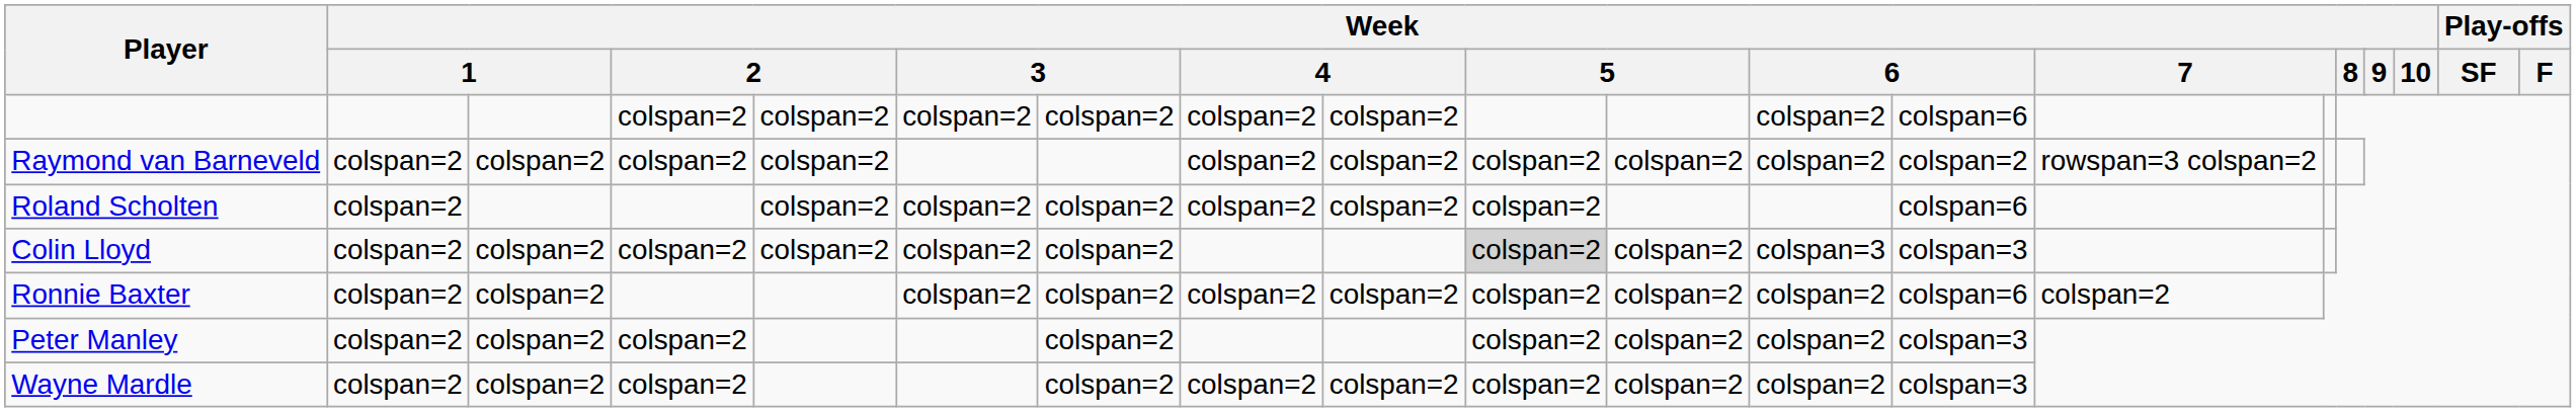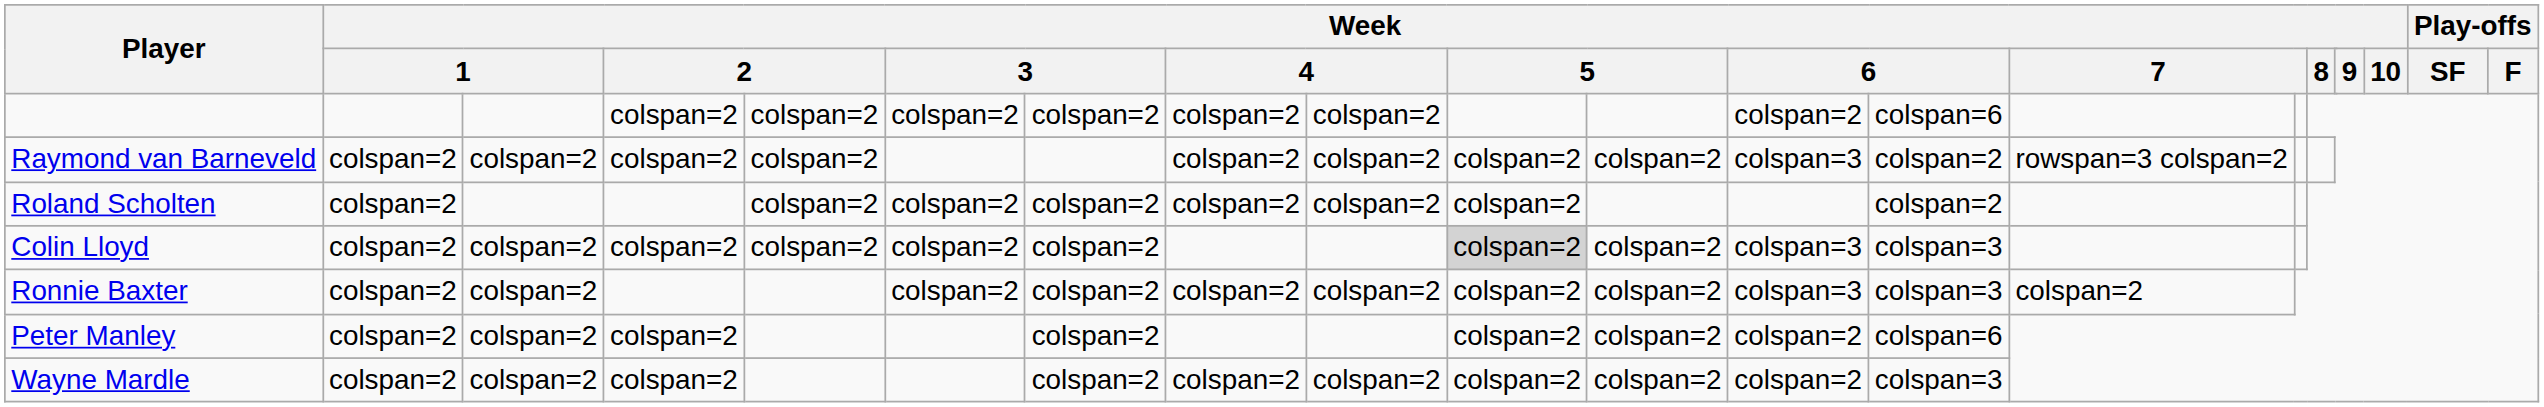 <table class="wikitable">
 <tr>
 <th rowspan=2>Player</th>
 <th colspan=24>Week</th>
 <th colspan=2>Play-offs</th>
 </tr>
 <tr>
 <th colspan =2>1</th>
 <th colspan =2>2</th>
 <th colspan =2>3</th>
 <th colspan =2>4</th>
 <th colspan =2>5</th>
 <th colspan =2>6</th>
 <th colspan =2>7</th>
 <th colspan =2>8</th>
 <th colspan =2>9</th>
 <th colspan =6>10</th>
 <th>SF</th>
 <th>F</th>
 </tr>
 <tr>
 <td> </td>
 <td></td>
 <td></td>
 <td>colspan=2 </td>
 <td>colspan=2 </td>
 <td>colspan=2 </td>
 <td>colspan=2 </td>
 <td>colspan=2 </td>
 <td>colspan=2 </td>
 <td></td>
 <td></td>
 <td>colspan=2 </td>
 <td>colspan=6 </td>
 <td></td>
 <td></td>
 </tr>
 <tr>
 <td> <a href='#'>Raymond van Barneveld</a></td>
 <td>colspan=2 </td>
 <td>colspan=2 </td>
 <td>colspan=2 </td>
 <td>colspan=2 </td>
 <td></td>
 <td></td>
 <td>colspan=2 </td>
 <td>colspan=2 </td>
 <td>colspan=2 </td>
 <td>colspan=2 </td>
-<td>colspan=2 </td>
+<td>colspan=3 </td>
 <td>colspan=2 </td>
 <td>rowspan=3 colspan=2 </td>
 <td></td>
 <td></td>
 </tr>
 <tr>
 <td> <a href='#'>Roland Scholten</a></td>
 <td>colspan=2 </td>
 <td></td>
 <td></td>
 <td>colspan=2 </td>
 <td>colspan=2 </td>
 <td>colspan=2 </td>
 <td>colspan=2 </td>
 <td>colspan=2 </td>
 <td>colspan=2 </td>
 <td></td>
 <td></td>
-<td>colspan=6 </td>
+<td>colspan=2 </td>
 <td></td>
 <td></td>
 </tr>
 <tr>
 <td> <a href='#'>Colin Lloyd</a></td>
 <td>colspan=2 </td>
 <td>colspan=2 </td>
 <td>colspan=2 </td>
 <td>colspan=2 </td>
 <td>colspan=2 </td>
 <td>colspan=2 </td>
 <td></td>
 <td></td>
 <td style="background: lightgrey;">colspan=2 </td>
 <td>colspan=2 </td>
 <td>colspan=3 </td>
 <td>colspan=3 </td>
 <td></td>
 <td></td>
 </tr>
 <tr>
 <td> <a href='#'>Ronnie Baxter</a></td>
 <td>colspan=2 </td>
 <td>colspan=2 </td>
 <td></td>
 <td></td>
 <td>colspan=2 </td>
 <td>colspan=2 </td>
 <td>colspan=2 </td>
 <td>colspan=2 </td>
 <td>colspan=2 </td>
 <td>colspan=2 </td>
-<td>colspan=2 </td>
-<td>colspan=6 </td>
+<td>colspan=3 </td>
+<td>colspan=3 </td>
 <td>colspan=2 </td>
 </tr>
 <tr>
 <td> <a href='#'>Peter Manley</a></td>
 <td>colspan=2 </td>
 <td>colspan=2 </td>
 <td>colspan=2 </td>
 <td></td>
 <td></td>
 <td>colspan=2 </td>
 <td></td>
 <td></td>
 <td>colspan=2 </td>
 <td>colspan=2 </td>
 <td>colspan=2 </td>
-<td>colspan=3 </td>
+<td>colspan=6 </td>
 </tr>
 <tr>
 <td> <a href='#'>Wayne Mardle</a></td>
 <td>colspan=2 </td>
 <td>colspan=2 </td>
 <td>colspan=2 </td>
 <td></td>
 <td></td>
 <td>colspan=2 </td>
 <td>colspan=2 </td>
 <td>colspan=2 </td>
 <td>colspan=2 </td>
 <td>colspan=2 </td>
 <td>colspan=2 </td>
 <td>colspan=3 </td>
 </tr>
 </table>
